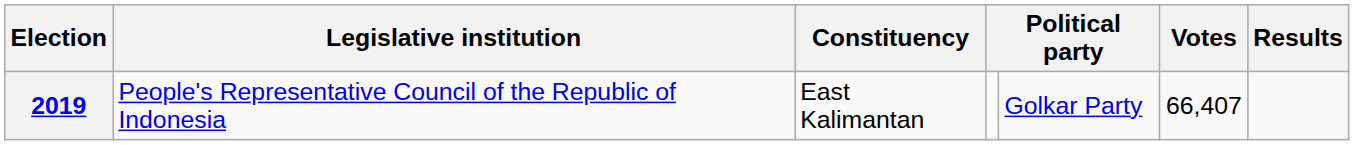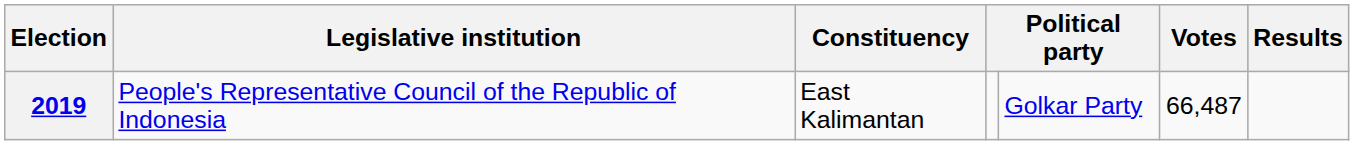 <table class="wikitable">
 <tr>
 <th>Election</th>
 <th><strong>Legislative institution</strong></th>
 <th>Constituency</th>
 <th colspan="2">Political party</th>
 <th>Votes</th>
 <th>Results</th>
 </tr>
 <tr>
 <th><strong><a href='#'>2019</a></strong></th>
 <td rowspan="3"><a href='#'>People's Representative Council of the Republic of Indonesia</a></td>
 <td rowspan="3">East Kalimantan</td>
 <td style="background:"></td>
 <td rowspan="3"><a href='#'>Golkar Party</a></td>
-<td>66,407</td>
+<td>66,487</td>
 <td></td>
 </tr>
 </table>
